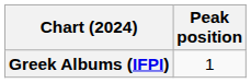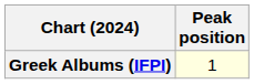 <table class="wikitable sortable plainrowheaders" style="text-align:center">
 <tr>
 <th scope="col">Chart (2024)</th>
 <th scope="col">Peak<br> position</th>
 </tr>
 <tr>
 <th scope="row">Greek Albums (<a href='#'>IFPI</a>)</th>
-<td>1</td>
+<td style="background: lightyellow;">1</td>
 </tr>
 </table>
